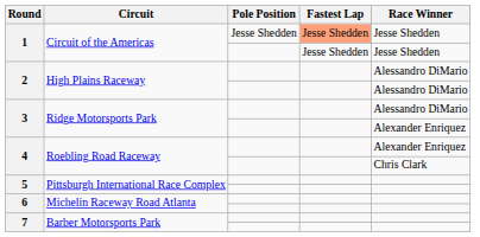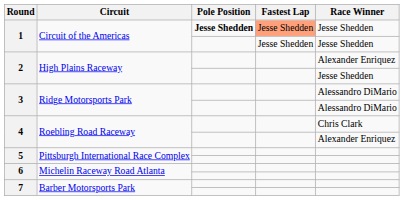 <table class="wikitable" style="font-size: 85%">
 <tr>
 <th>Round</th>
 <th>Circuit</th>
 <th>Pole Position</th>
 <th>Fastest Lap</th>
 <th>Race Winner</th>
 </tr>
 <tr>
 <th rowspan=2>1</th>
 <td rowspan=2> <a href='#'>Circuit of the Americas</a></td>
-<td> Jesse Shedden</td>
+<td><strong> Jesse Shedden</strong></td>
 <td style="background: lightsalmon;"> Jesse Shedden</td>
 <td> Jesse Shedden</td>
 </tr>
 <tr>
 <td></td>
 <td> Jesse Shedden</td>
 <td> Jesse Shedden</td>
 </tr>
 <tr>
 <th rowspan=2>2</th>
 <td rowspan=2> <a href='#'>High Plains Raceway</a></td>
 <td></td>
 <td></td>
-<td> Alessandro DiMario</td>
+<td> Alexander Enriquez</td>
 </tr>
 <tr>
 <td></td>
 <td></td>
-<td> Alessandro DiMario</td>
+<td> Jesse Shedden</td>
 </tr>
 <tr>
 <th rowspan=2>3</th>
 <td rowspan=2> <a href='#'>Ridge Motorsports Park</a></td>
 <td></td>
 <td></td>
 <td> Alessandro DiMario</td>
 </tr>
 <tr>
 <td></td>
 <td></td>
-<td> Alexander Enriquez</td>
+<td> Alessandro DiMario</td>
 </tr>
 <tr>
 <th rowspan=2>4</th>
 <td rowspan=2> <a href='#'>Roebling Road Raceway</a></td>
 <td></td>
 <td></td>
-<td> Alexander Enriquez</td>
+<td> Chris Clark</td>
 </tr>
 <tr>
 <td></td>
 <td></td>
-<td> Chris Clark</td>
+<td> Alexander Enriquez</td>
 </tr>
 <tr>
 <th rowspan=2>5</th>
 <td rowspan=2> <a href='#'>Pittsburgh International Race Complex</a></td>
 <td></td>
 <td></td>
 <td></td>
 </tr>
 <tr>
 <td></td>
 <td></td>
 <td></td>
 </tr>
 <tr>
 <th rowspan=2>6</th>
 <td rowspan=2> <a href='#'>Michelin Raceway Road Atlanta</a></td>
 <td></td>
 <td></td>
 <td></td>
 </tr>
 <tr>
 <td></td>
 <td></td>
 <td></td>
 </tr>
 <tr>
 <th rowspan=2>7</th>
 <td rowspan=2> <a href='#'>Barber Motorsports Park</a></td>
 <td></td>
 <td></td>
 <td></td>
 </tr>
 <tr>
 <td></td>
 <td></td>
 <td></td>
 </tr>
 </table>
